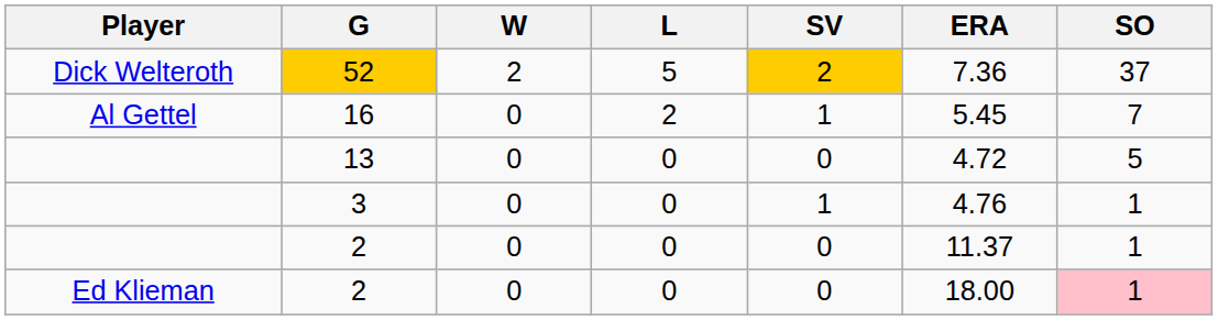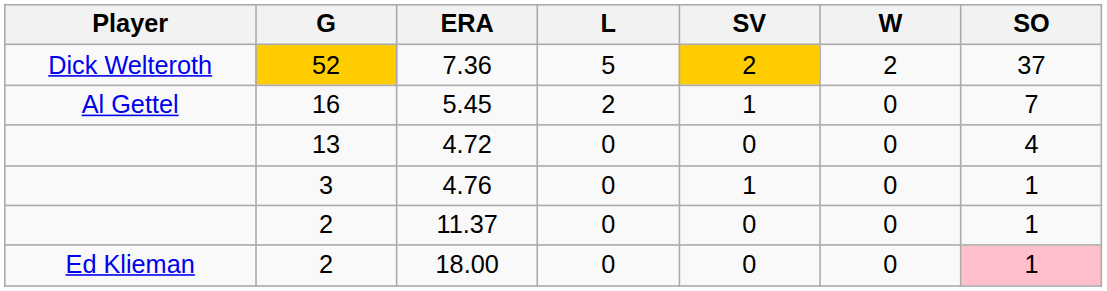 <table class="wikitable sortable">
 <tr>
 <th bgcolor="#DDDDFF" width="16%">Player</th>
 <th bgcolor="#DDDDFF" width="9%">G</th>
-<th bgcolor="#DDDDFF" width="9%">W</th>
+<th bgcolor="#DDDDFF" width="9%">ERA</th>
 <th bgcolor="#DDDDFF" width="9%">L</th>
 <th bgcolor="#DDDDFF" width="9%">SV</th>
-<th bgcolor="#DDDDFF" width="9%">ERA</th>
+<th bgcolor="#DDDDFF" width="9%">W</th>
 <th bgcolor="#DDDDFF" width="9%">SO</th>
 </tr>
 <tr align="center">
 <td><a href='#'>Dick Welteroth</a></td>
 <td style="background:#fc0;">52</td>
-<td>2</td>
+<td>7.36</td>
 <td>5</td>
 <td style="background:#fc0;">2</td>
-<td>7.36</td>
+<td>2</td>
 <td>37</td>
 </tr>
 <tr align=center>
 <td><a href='#'>Al Gettel</a></td>
 <td>16</td>
-<td>0</td>
+<td>5.45</td>
 <td>2</td>
 <td>1</td>
-<td>5.45</td>
+<td>0</td>
 <td>7</td>
 </tr>
 <tr align=center>
 <td></td>
 <td>13</td>
+<td>4.72</td>
 <td>0</td>
 <td>0</td>
 <td>0</td>
-<td>4.72</td>
-<td>5</td>
+<td>4</td>
 </tr>
 <tr align="center">
 <td></td>
 <td>3</td>
-<td>0</td>
+<td>4.76</td>
 <td>0</td>
 <td>1</td>
-<td>4.76</td>
+<td>0</td>
 <td>1</td>
 </tr>
 <tr align="center">
 <td></td>
 <td>2</td>
+<td>11.37</td>
 <td>0</td>
 <td>0</td>
 <td>0</td>
-<td>11.37</td>
 <td>1</td>
 </tr>
 <tr align="center">
 <td><a href='#'>Ed Klieman</a></td>
 <td>2</td>
+<td>18.00</td>
 <td>0</td>
 <td>0</td>
 <td>0</td>
-<td>18.00</td>
 <td style="background: pink;">1</td>
 </tr>
 </table>
